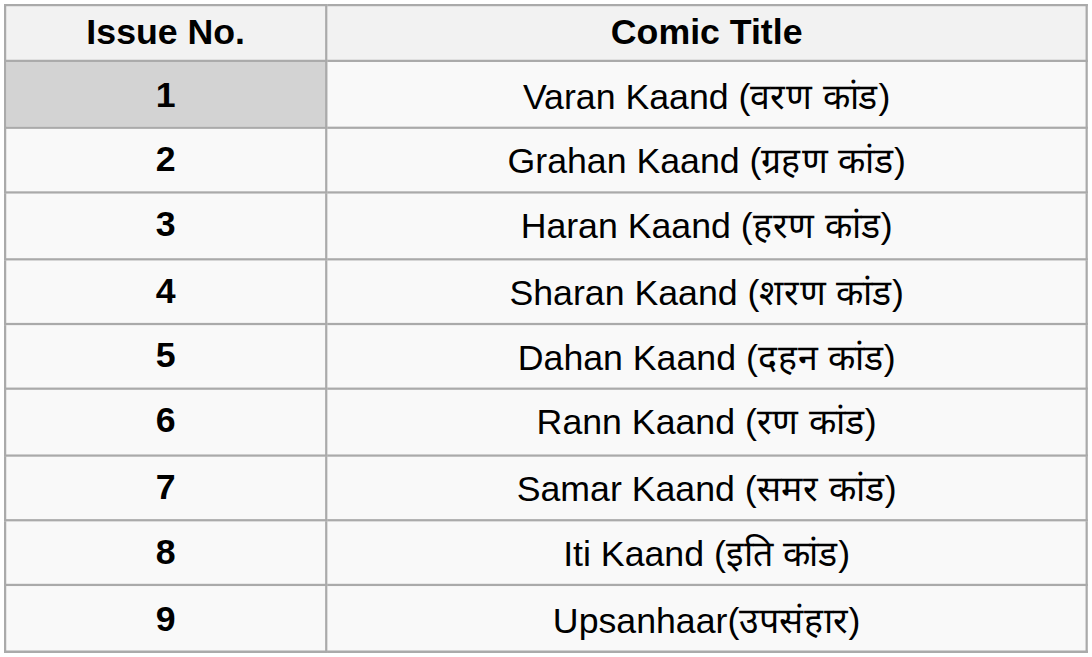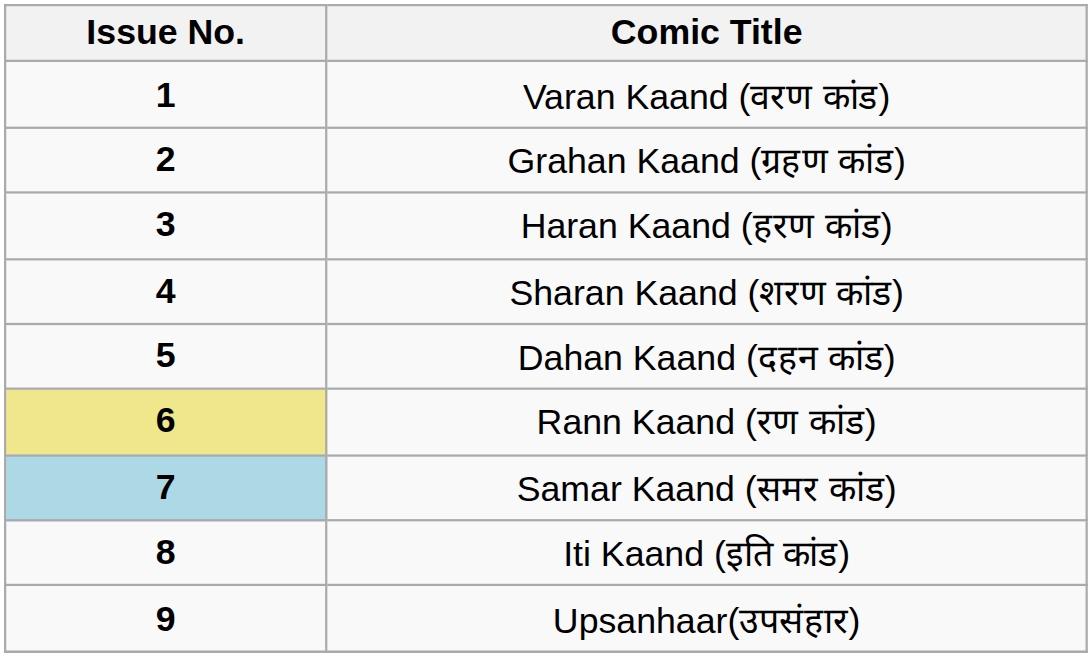 <table class="wikitable" style="text-align: center; width: 55%;">
 <tr>
 <th>Issue No.</th>
 <th>Comic Title</th>
 </tr>
 <tr>
-<td style="background: lightgrey;"><strong>1</strong></td>
+<td><strong>1</strong></td>
 <td>Varan Kaand (वरण कांड)</td>
 </tr>
 <tr>
 <td><strong>2</strong></td>
 <td>Grahan Kaand (ग्रहण कांड)</td>
 </tr>
 <tr>
 <td><strong>3</strong></td>
 <td>Haran Kaand (हरण कांड)</td>
 </tr>
 <tr>
 <td><strong>4</strong></td>
 <td>Sharan Kaand (शरण कांड)</td>
 </tr>
 <tr>
 <td><strong>5</strong></td>
 <td>Dahan Kaand (दहन कांड)</td>
 </tr>
 <tr>
-<td><strong>6</strong></td>
+<td style="background: khaki;"><strong>6</strong></td>
 <td>Rann Kaand (रण कांड)</td>
 </tr>
 <tr>
-<td><strong>7</strong></td>
+<td style="background: lightblue;"><strong>7</strong></td>
 <td>Samar Kaand (समर कांड)</td>
 </tr>
 <tr>
 <td><strong>8</strong></td>
 <td>Iti Kaand (इति कांड)</td>
 </tr>
 <tr>
 <td><strong>9</strong></td>
 <td>Upsanhaar(उपसंहार)</td>
 </tr>
 <tr>
 </tr>
 </table>
